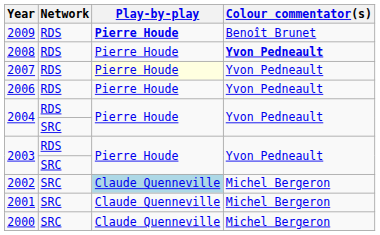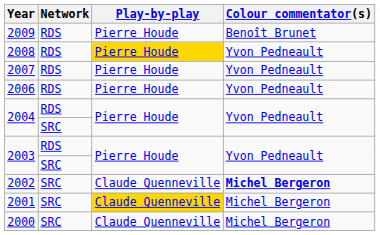 <table class="wikitable">
 <tr>
 <th>Year</th>
 <th>Network</th>
 <th><a href='#'>Play-by-play</a></th>
 <th><a href='#'>Colour commentator</a>(s)</th>
 </tr>
 <tr>
 <td><a href='#'>2009</a></td>
 <td><a href='#'>RDS</a></td>
-<td><strong><a href='#'>Pierre Houde</a></strong></td>
+<td><a href='#'>Pierre Houde</a></td>
 <td><a href='#'>Benoît Brunet</a></td>
 </tr>
 <tr>
 <td><a href='#'>2008</a></td>
 <td><a href='#'>RDS</a></td>
-<td><a href='#'>Pierre Houde</a></td>
-<td><strong><a href='#'>Yvon Pedneault</a></strong></td>
+<td style="background: gold;"><a href='#'>Pierre Houde</a></td>
+<td><a href='#'>Yvon Pedneault</a></td>
 </tr>
 <tr>
 <td><a href='#'>2007</a></td>
 <td><a href='#'>RDS</a></td>
-<td style="background: lightyellow;"><a href='#'>Pierre Houde</a></td>
+<td><a href='#'>Pierre Houde</a></td>
 <td><a href='#'>Yvon Pedneault</a></td>
 </tr>
 <tr>
 <td><a href='#'>2006</a></td>
 <td><a href='#'>RDS</a></td>
 <td><a href='#'>Pierre Houde</a></td>
 <td><a href='#'>Yvon Pedneault</a></td>
 </tr>
 <tr>
 <td rowspan="2"><a href='#'>2004</a></td>
 <td><a href='#'>RDS</a></td>
 <td rowspan="2"><a href='#'>Pierre Houde</a></td>
 <td rowspan="2"><a href='#'>Yvon Pedneault</a></td>
 </tr>
 <tr>
 <td><a href='#'>SRC</a></td>
 </tr>
 <tr>
 <td rowspan="2"><a href='#'>2003</a></td>
 <td><a href='#'>RDS</a></td>
 <td rowspan="2"><a href='#'>Pierre Houde</a></td>
 <td rowspan="2"><a href='#'>Yvon Pedneault</a></td>
 </tr>
 <tr>
 <td><a href='#'>SRC</a></td>
 </tr>
 <tr>
 <td><a href='#'>2002</a></td>
 <td><a href='#'>SRC</a></td>
-<td style="background: lightblue;"><a href='#'>Claude Quenneville</a></td>
-<td><a href='#'>Michel Bergeron</a></td>
+<td><a href='#'>Claude Quenneville</a></td>
+<td><strong><a href='#'>Michel Bergeron</a></strong></td>
 </tr>
 <tr>
 <td><a href='#'>2001</a></td>
 <td><a href='#'>SRC</a></td>
-<td><a href='#'>Claude Quenneville</a></td>
+<td style="background: gold;"><a href='#'>Claude Quenneville</a></td>
 <td><a href='#'>Michel Bergeron</a></td>
 </tr>
 <tr>
 <td><a href='#'>2000</a></td>
 <td><a href='#'>SRC</a></td>
 <td><a href='#'>Claude Quenneville</a></td>
 <td><a href='#'>Michel Bergeron</a></td>
 </tr>
 </table>
